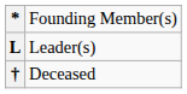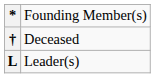 <table class="wikitable">
 <tr>
 <th>*</th>
 <td>Founding Member(s)</td>
 </tr>
 <tr>
+<th><strong>†</strong></th>
+<td>Deceased</td>
+</tr>
+<tr>
 <th>L</th>
 <td>Leader(s)</td>
 </tr>
-<tr>
-<th><strong>†</strong></th>
-<td>Deceased</td>
-</tr>
 </table>
